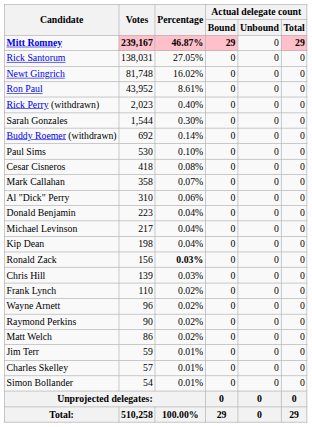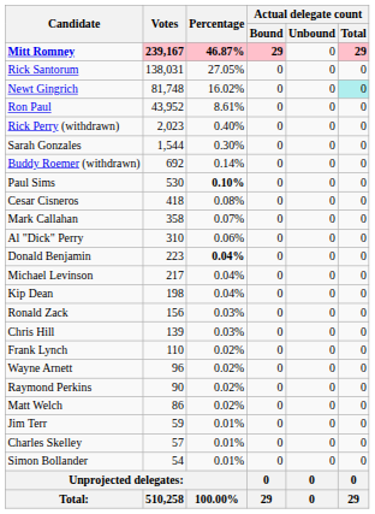 <table class="wikitable" style="text-align:right;">
 <tr>
 <th rowspan="2">Candidate</th>
 <th rowspan="2">Votes</th>
 <th rowspan="2">Percentage</th>
 <th colspan="3">Actual delegate count</th>
 </tr>
 <tr>
 <th>Bound</th>
 <th>Unbound</th>
 <th>Total</th>
 </tr>
 <tr>
 <td style="text-align:left;"> <strong><a href='#'>Mitt Romney</a></strong></td>
 <td style="background:pink;"><strong>239,167</strong></td>
 <td style="background:pink;"><strong>46.87%</strong></td>
 <td style="background:pink;"><strong>29</strong></td>
 <td>0</td>
 <td style="background:pink;"><strong>29</strong></td>
 </tr>
 <tr>
 <td style="text-align:left;"><a href='#'>Rick Santorum</a></td>
 <td>138,031</td>
 <td>27.05%</td>
 <td>0</td>
 <td>0</td>
 <td>0</td>
 </tr>
 <tr>
 <td style="text-align:left;"><a href='#'>Newt Gingrich</a></td>
 <td>81,748</td>
 <td>16.02%</td>
 <td>0</td>
 <td>0</td>
-<td>0</td>
+<td style="background: paleturquoise;">0</td>
 </tr>
 <tr>
 <td style="text-align:left;"><a href='#'>Ron Paul</a></td>
 <td>43,952</td>
 <td>8.61%</td>
 <td>0</td>
 <td>0</td>
 <td>0</td>
 </tr>
 <tr>
 <td style="text-align:left;"><a href='#'>Rick Perry</a> (withdrawn)</td>
 <td>2,023</td>
 <td>0.40%</td>
 <td>0</td>
 <td>0</td>
 <td>0</td>
 </tr>
 <tr>
 <td style="text-align:left;">Sarah Gonzales</td>
 <td>1,544</td>
 <td>0.30%</td>
 <td>0</td>
 <td>0</td>
 <td>0</td>
 </tr>
 <tr>
 <td style="text-align:left;"><a href='#'>Buddy Roemer</a> (withdrawn)</td>
 <td>692</td>
 <td>0.14%</td>
 <td>0</td>
 <td>0</td>
 <td>0</td>
 </tr>
 <tr>
 <td style="text-align:left;">Paul Sims</td>
 <td>530</td>
-<td>0.10%</td>
+<td><strong>0.10%</strong></td>
 <td>0</td>
 <td>0</td>
 <td>0</td>
 </tr>
 <tr>
 <td style="text-align:left;">Cesar Cisneros</td>
 <td>418</td>
 <td>0.08%</td>
 <td>0</td>
 <td>0</td>
 <td>0</td>
 </tr>
 <tr>
 <td style="text-align:left;">Mark Callahan</td>
 <td>358</td>
 <td>0.07%</td>
 <td>0</td>
 <td>0</td>
 <td>0</td>
 </tr>
 <tr>
 <td style="text-align:left;">Al "Dick" Perry</td>
 <td>310</td>
 <td>0.06%</td>
 <td>0</td>
 <td>0</td>
 <td>0</td>
 </tr>
 <tr>
 <td style="text-align:left;">Donald Benjamin</td>
 <td>223</td>
-<td>0.04%</td>
+<td><strong>0.04%</strong></td>
 <td>0</td>
 <td>0</td>
 <td>0</td>
 </tr>
 <tr>
 <td style="text-align:left;">Michael Levinson</td>
 <td>217</td>
 <td>0.04%</td>
 <td>0</td>
 <td>0</td>
 <td>0</td>
 </tr>
 <tr>
 <td style="text-align:left;">Kip Dean</td>
 <td>198</td>
 <td>0.04%</td>
 <td>0</td>
 <td>0</td>
 <td>0</td>
 </tr>
 <tr>
 <td style="text-align:left;">Ronald Zack</td>
 <td>156</td>
-<td><strong>0.03%</strong></td>
+<td>0.03%</td>
 <td>0</td>
 <td>0</td>
 <td>0</td>
 </tr>
 <tr>
 <td style="text-align:left;">Chris Hill</td>
 <td>139</td>
 <td>0.03%</td>
 <td>0</td>
 <td>0</td>
 <td>0</td>
 </tr>
 <tr>
 <td style="text-align:left;">Frank Lynch</td>
 <td>110</td>
 <td>0.02%</td>
 <td>0</td>
 <td>0</td>
 <td>0</td>
 </tr>
 <tr>
 <td style="text-align:left;">Wayne Arnett</td>
 <td>96</td>
 <td>0.02%</td>
 <td>0</td>
 <td>0</td>
 <td>0</td>
 </tr>
 <tr>
 <td style="text-align:left;">Raymond Perkins</td>
 <td>90</td>
 <td>0.02%</td>
 <td>0</td>
 <td>0</td>
 <td>0</td>
 </tr>
 <tr>
 <td style="text-align:left;">Matt Welch</td>
 <td>86</td>
 <td>0.02%</td>
 <td>0</td>
 <td>0</td>
 <td>0</td>
 </tr>
 <tr>
 <td style="text-align:left;">Jim Terr</td>
 <td>59</td>
 <td>0.01%</td>
 <td>0</td>
 <td>0</td>
 <td>0</td>
 </tr>
 <tr>
 <td style="text-align:left;">Charles Skelley</td>
 <td>57</td>
 <td>0.01%</td>
 <td>0</td>
 <td>0</td>
 <td>0</td>
 </tr>
 <tr>
 <td style="text-align:left;">Simon Bollander</td>
 <td>54</td>
 <td>0.01%</td>
 <td>0</td>
 <td>0</td>
 <td>0</td>
 </tr>
 <tr style="background:#eee;">
 <th colspan="3">Unprojected delegates:</th>
 <th>0</th>
 <th>0</th>
 <th>0</th>
 </tr>
 <tr style="background:#eee;">
 <th>Total:</th>
 <th>510,258</th>
 <th>100.00%</th>
 <th>29</th>
 <th>0</th>
 <th>29</th>
 </tr>
 </table>
